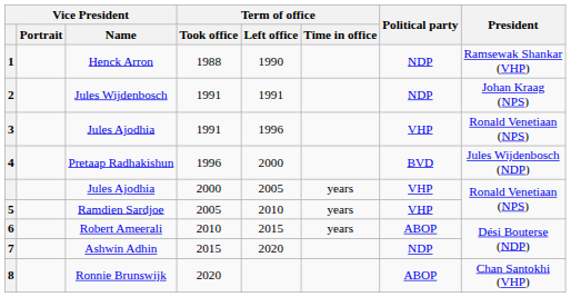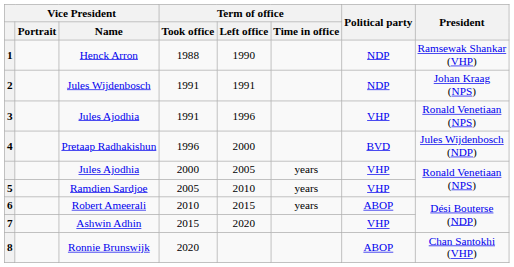 <table class="wikitable" style="text-align:center">
 <tr>
 <th colspan=3>Vice President</th>
 <th colspan=3>Term of office</th>
 <th rowspan=2>Political party</th>
 <th rowspan=2>President</th>
 </tr>
 <tr>
 <th></th>
 <th>Portrait</th>
 <th>Name<br></th>
 <th>Took office</th>
 <th>Left office</th>
 <th>Time in office</th>
 </tr>
 <tr>
 <th style="background:">1</th>
 <td></td>
 <td><a href='#'>Henck Arron</a><br></td>
 <td> 1988</td>
 <td> 1990<br></td>
 <td></td>
 <td><a href='#'>NDP</a></td>
 <td><a href='#'>Ramsewak Shankar</a><br>(<a href='#'>VHP</a>)</td>
 </tr>
 <tr>
 <th style="background:">2</th>
 <td></td>
 <td><a href='#'>Jules Wijdenbosch</a><br></td>
 <td> 1991</td>
 <td> 1991</td>
 <td></td>
 <td><a href='#'>NDP</a></td>
 <td><a href='#'>Johan Kraag</a><br>(<a href='#'>NPS</a>)</td>
 </tr>
 <tr>
 <th style="background:">3</th>
 <td></td>
 <td><a href='#'>Jules Ajodhia</a><br></td>
 <td> 1991</td>
 <td> 1996</td>
 <td></td>
 <td><a href='#'>VHP</a></td>
 <td><a href='#'>Ronald Venetiaan</a><br>(<a href='#'>NPS</a>)</td>
 </tr>
 <tr>
 <th style="background:">4</th>
 <td></td>
 <td><a href='#'>Pretaap Radhakishun</a><br></td>
 <td> 1996</td>
 <td> 2000</td>
 <td></td>
 <td><a href='#'>BVD</a></td>
 <td><a href='#'>Jules Wijdenbosch</a><br>(<a href='#'>NDP</a>)</td>
 </tr>
 <tr>
 <th style="background:"></th>
 <td></td>
 <td><a href='#'>Jules Ajodhia</a><br></td>
 <td> 2000</td>
 <td> 2005</td>
 <td> years</td>
 <td><a href='#'>VHP</a></td>
 <td rowspan=2><a href='#'>Ronald Venetiaan</a><br>(<a href='#'>NPS</a>)</td>
 </tr>
 <tr>
 <th style="background:">5</th>
 <td></td>
 <td><a href='#'>Ramdien Sardjoe</a><br></td>
 <td> 2005</td>
 <td> 2010</td>
 <td> years</td>
 <td><a href='#'>VHP</a></td>
 </tr>
 <tr>
 <th style="background:">6</th>
 <td></td>
 <td><a href='#'>Robert Ameerali</a><br></td>
 <td> 2010</td>
 <td> 2015</td>
 <td> years</td>
 <td><a href='#'>ABOP</a></td>
 <td rowspan=2><a href='#'>Dési Bouterse</a><br>(<a href='#'>NDP</a>)</td>
 </tr>
 <tr>
 <th style="background:">7</th>
 <td></td>
 <td><a href='#'>Ashwin Adhin</a><br></td>
 <td> 2015</td>
 <td> 2020</td>
 <td></td>
-<td><a href='#'>NDP</a></td>
+<td><a href='#'>VHP</a></td>
 </tr>
 <tr>
 <th style="background:">8</th>
 <td></td>
 <td><a href='#'>Ronnie Brunswijk</a><br></td>
 <td> 2020</td>
 <td></td>
 <td><br></td>
 <td><a href='#'>ABOP</a></td>
 <td><a href='#'>Chan Santokhi</a><br>(<a href='#'>VHP</a>)</td>
 </tr>
 </table>
